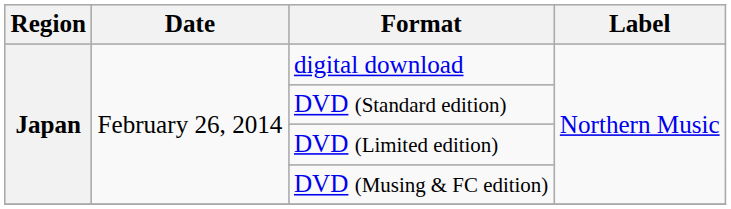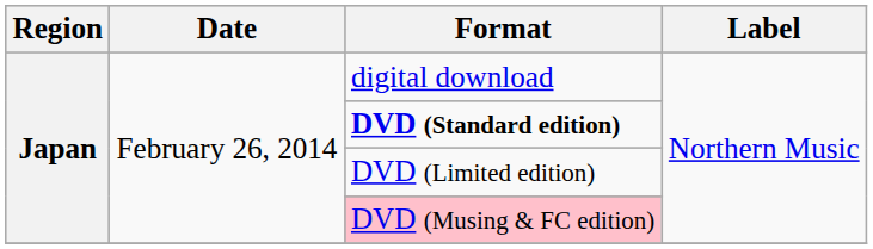 <table class="wikitable sortable plainrowheaders">
 <tr>
 <th scope="col">Region</th>
 <th scope="col">Date</th>
 <th scope="col">Format</th>
 <th scope="col">Label</th>
 </tr>
 <tr>
 <th rowspan="4">Japan</th>
 <td rowspan="4">February 26, 2014</td>
 <td><a href='#'>digital download</a></td>
 <td rowspan="4"><a href='#'>Northern Music</a></td>
 </tr>
 <tr>
-<td><a href='#'>DVD</a> <small>(Standard edition)</small></td>
+<td><strong><a href='#'>DVD</a> <small>(Standard edition)</small></strong></td>
 </tr>
 <tr>
 <td><a href='#'>DVD</a> <small>(Limited edition)</small></td>
 </tr>
 <tr>
-<td><a href='#'>DVD</a> <small>(Musing & FC edition)</small></td>
+<td style="background: pink;"><a href='#'>DVD</a> <small>(Musing & FC edition)</small></td>
 </tr>
 <tr>
 </tr>
 </table>
